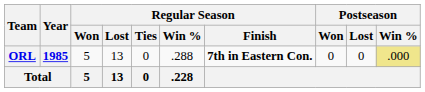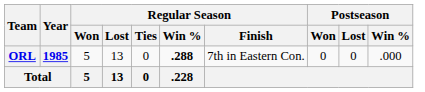 <table class="wikitable" style="font-size: 95%; text-align:center;">
 <tr>
 <th rowspan="2">Team</th>
 <th rowspan="2">Year</th>
 <th colspan="5">Regular Season</th>
 <th colspan="4">Postseason</th>
 </tr>
 <tr>
 <th>Won</th>
 <th>Lost</th>
 <th>Ties</th>
 <th>Win %</th>
 <th>Finish</th>
 <th>Won</th>
 <th>Lost</th>
 <th>Win %</th>
 </tr>
 <tr>
 <th><a href='#'>ORL</a></th>
 <th><a href='#'>1985</a></th>
 <td>5</td>
 <td>13</td>
 <td>0</td>
-<td>.288</td>
-<td><strong>7th in Eastern Con.</strong></td>
+<td><strong>.288</strong></td>
+<td>7th in Eastern Con.</td>
 <td>0</td>
 <td>0</td>
-<td style="background: khaki;">.000</td>
+<td>.000</td>
 </tr>
 <tr>
 <th colspan="2">Total</th>
 <th>5</th>
 <th>13</th>
 <th>0</th>
 <th>.228</th>
 <th colspan="5"></th>
 </tr>
 </table>
